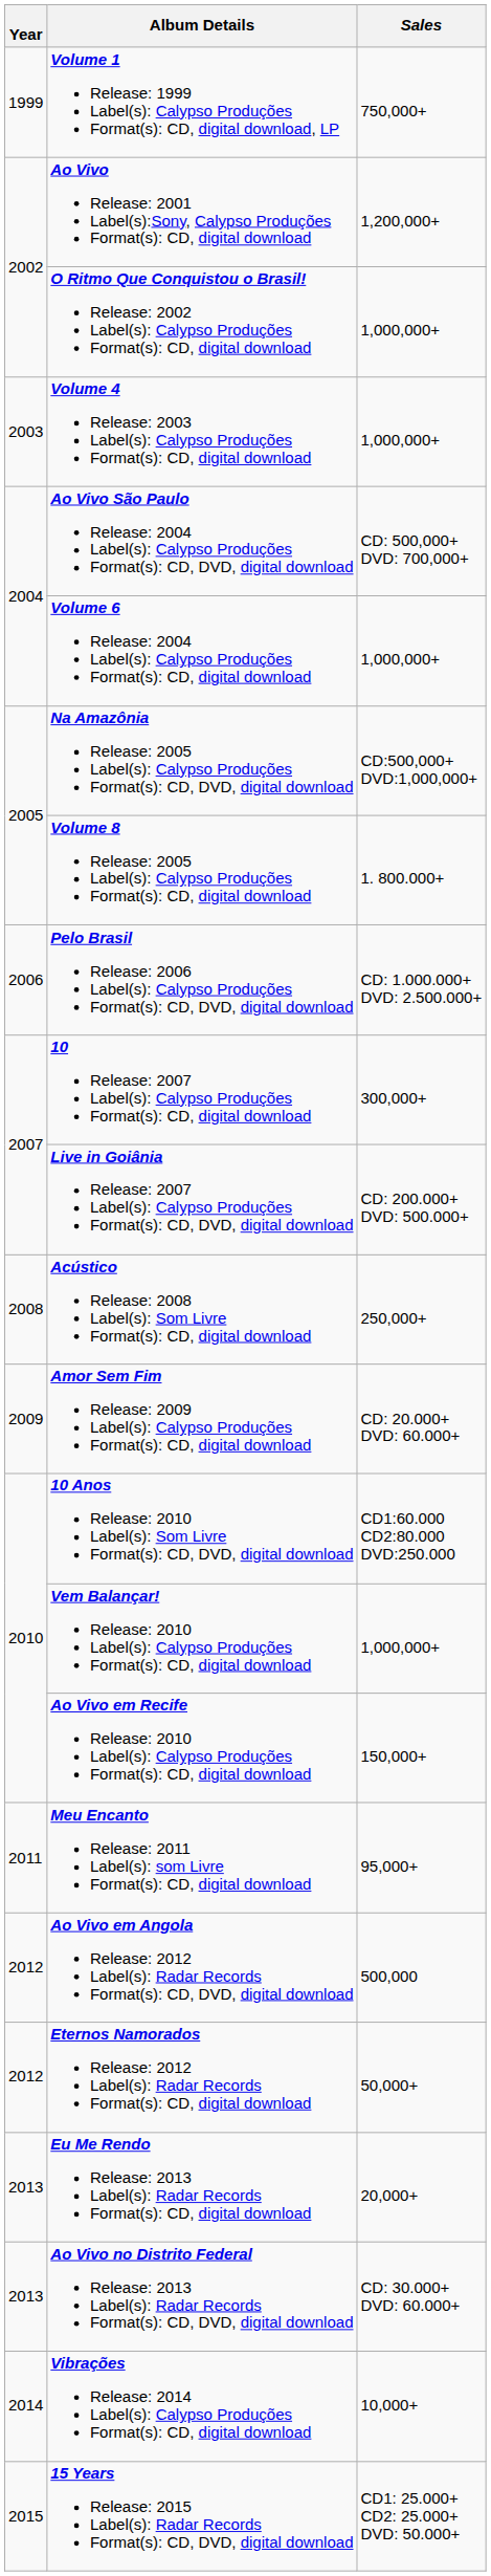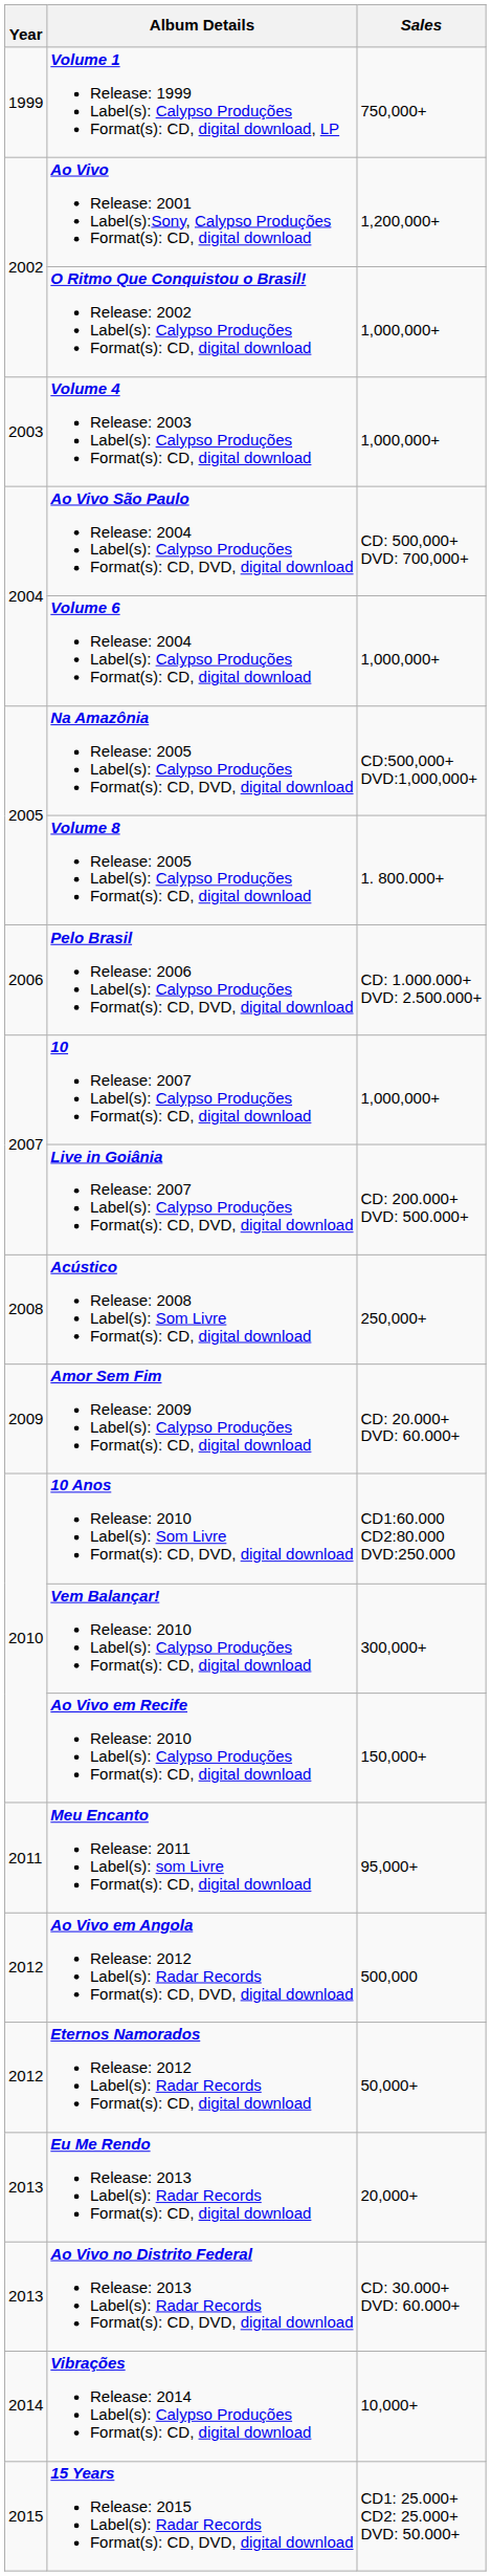 <table class="wikitable">
 <tr>
 <th><br>Year</th>
 <th>Album Details</th>
 <th style="font-style:italic;">Sales</th>
 </tr>
 <tr>
 <td>1999</td>
 <td><strong><em><a href='#'>Volume 1</a></em></strong><br><ul><li>Release: 1999</li><li>Label(s): <a href='#'>Calypso Produções</a></li><li>Format(s): CD, <a href='#'>digital download</a>, <a href='#'>LP</a></li></ul></td>
 <td><br>750,000+</td>
 </tr>
 <tr>
 <td rowspan="2">2002</td>
 <td><strong><em><a href='#'>Ao Vivo</a></em></strong><br><ul><li>Release: 2001</li><li>Label(s):<a href='#'>Sony</a>, <a href='#'>Calypso Produções</a></li><li>Format(s): CD, <a href='#'>digital download</a></li></ul></td>
 <td><br>1,200,000+</td>
 </tr>
 <tr>
 <td><strong><em><a href='#'>O Ritmo Que Conquistou o Brasil!</a></em></strong><br><ul><li>Release: 2002</li><li>Label(s): <a href='#'>Calypso Produções</a></li><li>Format(s): CD, <a href='#'>digital download</a></li></ul></td>
 <td><br>1,000,000+</td>
 </tr>
 <tr>
 <td>2003</td>
 <td><strong><em><a href='#'>Volume 4</a></em></strong><br><ul><li>Release: 2003</li><li>Label(s): <a href='#'>Calypso Produções</a></li><li>Format(s): CD, <a href='#'>digital download</a></li></ul></td>
 <td><br>1,000,000+</td>
 </tr>
 <tr>
 <td rowspan="2">2004</td>
 <td><strong><em><a href='#'>Ao Vivo São Paulo</a></em></strong><br><ul><li>Release: 2004</li><li>Label(s): <a href='#'>Calypso Produções</a></li><li>Format(s): CD, DVD, <a href='#'>digital download</a></li></ul></td>
 <td><br>CD: 500,000+<br>DVD: 700,000+</td>
 </tr>
 <tr>
 <td><strong><em><a href='#'>Volume 6</a></em></strong><br><ul><li>Release: 2004</li><li>Label(s): <a href='#'>Calypso Produções</a></li><li>Format(s): CD, <a href='#'>digital download</a></li></ul></td>
 <td><br>1,000,000+</td>
 </tr>
 <tr>
 <td rowspan="2">2005</td>
 <td><strong><em><a href='#'>Na Amazônia</a></em></strong><br><ul><li>Release: 2005</li><li>Label(s): <a href='#'>Calypso Produções</a></li><li>Format(s): CD, DVD, <a href='#'>digital download</a></li></ul></td>
 <td><br>CD:500,000+<br>DVD:1,000,000+</td>
 </tr>
 <tr>
 <td><strong><em><a href='#'>Volume 8</a></em></strong><br><ul><li>Release: 2005</li><li>Label(s): <a href='#'>Calypso Produções</a></li><li>Format(s): CD, <a href='#'>digital download</a></li></ul></td>
 <td><br>1. 800.000+</td>
 </tr>
 <tr>
 <td>2006</td>
 <td><strong><em><a href='#'>Pelo Brasil</a></em></strong><br><ul><li>Release: 2006</li><li>Label(s): <a href='#'>Calypso Produções</a></li><li>Format(s): CD, DVD, <a href='#'>digital download</a></li></ul></td>
 <td><br>CD: 1.000.000+<br>DVD: 2.500.000+</td>
 </tr>
 <tr>
 <td rowspan="2">2007</td>
 <td><strong><em><a href='#'>10</a></em></strong><br><ul><li>Release: 2007</li><li>Label(s): <a href='#'>Calypso Produções</a></li><li>Format(s): CD, <a href='#'>digital download</a></li></ul></td>
-<td><br>300,000+</td>
+<td><br>1,000,000+</td>
 </tr>
 <tr>
 <td><strong><em><a href='#'>Live in Goiânia</a></em></strong><br><ul><li>Release: 2007</li><li>Label(s): <a href='#'>Calypso Produções</a></li><li>Format(s): CD, DVD, <a href='#'>digital download</a></li></ul></td>
 <td><br>CD: 200.000+<br>DVD: 500.000+</td>
 </tr>
 <tr>
 <td>2008</td>
 <td><strong><em><a href='#'>Acústico</a></em></strong><br><ul><li>Release: 2008</li><li>Label(s): <a href='#'>Som Livre</a></li><li>Format(s): CD, <a href='#'>digital download</a></li></ul></td>
 <td><br>250,000+</td>
 </tr>
 <tr>
 <td>2009</td>
 <td><strong><em><a href='#'>Amor Sem Fim</a></em></strong><br><ul><li>Release: 2009</li><li>Label(s): <a href='#'>Calypso Produções</a></li><li>Format(s): CD, <a href='#'>digital download</a></li></ul></td>
 <td><br>CD: 20.000+<br>DVD: 60.000+</td>
 </tr>
 <tr>
 <td rowspan="3">2010</td>
 <td><strong><em><a href='#'>10 Anos</a></em></strong><br><ul><li>Release: 2010</li><li>Label(s): <a href='#'>Som Livre</a></li><li>Format(s): CD, DVD, <a href='#'>digital download</a></li></ul></td>
 <td><br>CD1:60.000<br>CD2:80.000<br>DVD:250.000</td>
 </tr>
 <tr>
 <td><strong><em><a href='#'>Vem Balançar!</a></em></strong><br><ul><li>Release: 2010</li><li>Label(s): <a href='#'>Calypso Produções</a></li><li>Format(s): CD, <a href='#'>digital download</a></li></ul></td>
-<td><br>1,000,000+</td>
+<td><br>300,000+</td>
 </tr>
 <tr>
 <td><strong><em><a href='#'>Ao Vivo em Recife</a></em></strong><br><ul><li>Release: 2010</li><li>Label(s): <a href='#'>Calypso Produções</a></li><li>Format(s): CD, <a href='#'>digital download</a></li></ul></td>
 <td><br>150,000+</td>
 </tr>
 <tr>
 <td>2011</td>
 <td><strong><em><a href='#'>Meu Encanto</a></em></strong><br><ul><li>Release: 2011</li><li>Label(s): <a href='#'>som Livre</a></li><li>Format(s): CD, <a href='#'>digital download</a></li></ul></td>
 <td><br>95,000+</td>
 </tr>
 <tr>
 <td>2012</td>
 <td><strong><em><a href='#'>Ao Vivo em Angola</a></em></strong><br><ul><li>Release: 2012</li><li>Label(s): <a href='#'>Radar Records</a></li><li>Format(s): CD, DVD, <a href='#'>digital download</a></li></ul></td>
 <td><br>500,000</td>
 </tr>
 <tr>
 <td>2012</td>
 <td><strong><em><a href='#'>Eternos Namorados</a></em></strong><br><ul><li>Release: 2012</li><li>Label(s): <a href='#'>Radar Records</a></li><li>Format(s): CD, <a href='#'>digital download</a></li></ul></td>
 <td><br>50,000+</td>
 </tr>
 <tr>
 <td>2013</td>
 <td><strong><em><a href='#'>Eu Me Rendo</a></em></strong><br><ul><li>Release: 2013</li><li>Label(s): <a href='#'>Radar Records</a></li><li>Format(s): CD, <a href='#'>digital download</a></li></ul></td>
 <td><br>20,000+</td>
 </tr>
 <tr>
 <td>2013</td>
 <td><strong><em><a href='#'>Ao Vivo no Distrito Federal</a></em></strong><br><ul><li>Release: 2013</li><li>Label(s): <a href='#'>Radar Records</a></li><li>Format(s): CD, DVD, <a href='#'>digital download</a></li></ul></td>
 <td>CD: 30.000+<br>DVD: 60.000+</td>
 </tr>
 <tr>
 <td>2014</td>
 <td><strong><em><a href='#'>Vibrações</a></em></strong><br><ul><li>Release: 2014</li><li>Label(s): <a href='#'>Calypso Produções</a></li><li>Format(s): CD, <a href='#'>digital download</a></li></ul></td>
 <td>10,000+</td>
 </tr>
 <tr>
 <td>2015</td>
 <td><strong><em><a href='#'>15 Years</a></em></strong><br><ul><li>Release: 2015</li><li>Label(s): <a href='#'>Radar Records</a></li><li>Format(s): CD, DVD, <a href='#'>digital download</a></li></ul></td>
 <td>CD1: 25.000+<br>CD2: 25.000+<br>DVD: 50.000+</td>
 </tr>
 </table>
